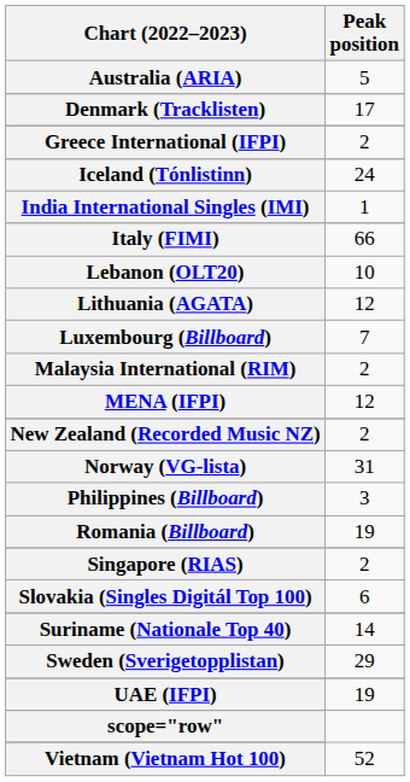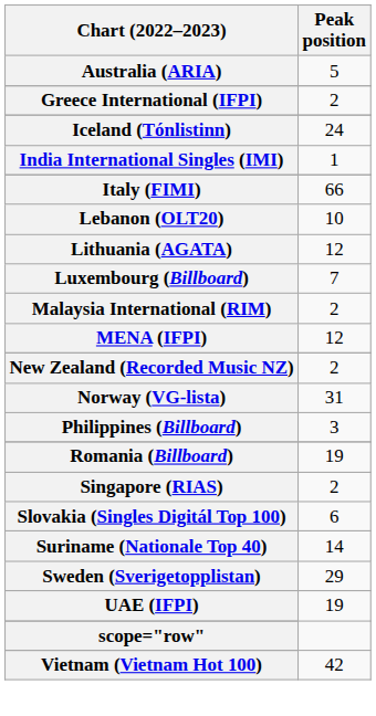 <table class="wikitable sortable plainrowheaders" style="text-align:center">
 <tr>
 <th scope="col">Chart (2022–2023)</th>
 <th scope="col">Peak<br>position</th>
 </tr>
 <tr>
 <th scope="row">Australia (<a href='#'>ARIA</a>)</th>
 <td>5</td>
 </tr>
 <tr>
 </tr>
 <tr>
 </tr>
 <tr>
 </tr>
 <tr>
-</tr>
-<tr>
-<th scope="row">Denmark (<a href='#'>Tracklisten</a>)</th>
-<td>17</td>
 </tr>
 <tr>
 </tr>
 <tr>
 </tr>
 <tr>
 </tr>
 <tr>
 <th scope="row">Greece International (<a href='#'>IFPI</a>)</th>
 <td>2</td>
 </tr>
 <tr>
 </tr>
 <tr>
 </tr>
 <tr>
 <th scope="row">Iceland (<a href='#'>Tónlistinn</a>)</th>
 <td>24</td>
 </tr>
 <tr>
 <th scope="row"><a href='#'>India International Singles</a> (<a href='#'>IMI</a>)</th>
 <td>1</td>
 </tr>
 <tr>
 </tr>
 <tr>
 <th scope="row">Italy (<a href='#'>FIMI</a>)</th>
 <td>66</td>
 </tr>
 <tr>
 <th scope="row">Lebanon (<a href='#'>OLT20</a>)</th>
 <td>10</td>
 </tr>
 <tr>
 <th scope="row">Lithuania (<a href='#'>AGATA</a>)</th>
 <td>12</td>
 </tr>
 <tr>
 <th scope="row">Luxembourg (<em><a href='#'>Billboard</a></em>)</th>
 <td>7</td>
 </tr>
 <tr>
 <th scope="row">Malaysia International (<a href='#'>RIM</a>)</th>
 <td>2</td>
 </tr>
 <tr>
 <th scope="row"><a href='#'>MENA</a> (<a href='#'>IFPI</a>)</th>
 <td>12</td>
 </tr>
 <tr>
 </tr>
 <tr>
 <th scope="row">New Zealand (<a href='#'>Recorded Music NZ</a>)</th>
 <td>2</td>
 </tr>
 <tr>
 <th scope="row">Norway (<a href='#'>VG-lista</a>)</th>
 <td>31</td>
 </tr>
 <tr>
 <th scope="row">Philippines (<em><a href='#'>Billboard</a></em>)</th>
 <td>3</td>
 </tr>
 <tr>
 </tr>
 <tr>
 </tr>
 <tr>
 <th scope="row">Romania (<em><a href='#'>Billboard</a></em>)</th>
 <td>19</td>
 </tr>
 <tr>
 </tr>
 <tr>
 <th scope="row">Singapore (<a href='#'>RIAS</a>)</th>
 <td>2</td>
 </tr>
 <tr>
 <th scope="row">Slovakia (<a href='#'>Singles Digitál Top 100</a>)</th>
 <td>6</td>
 </tr>
 <tr>
 </tr>
 <tr>
 <th scope="row">Suriname (<a href='#'>Nationale Top 40</a>)</th>
 <td>14</td>
 </tr>
 <tr>
 <th scope="row">Sweden (<a href='#'>Sverigetopplistan</a>)</th>
 <td>29</td>
 </tr>
 <tr>
 </tr>
 <tr>
 <th scope="row">UAE (<a href='#'>IFPI</a>)</th>
 <td>19</td>
 </tr>
 <tr>
 </tr>
 <tr>
 </tr>
 <tr>
 </tr>
 <tr>
 </tr>
 <tr>
 </tr>
 <tr>
 <th>scope="row"</th>
 </tr>
 <tr>
 </tr>
 <tr>
 </tr>
 <tr>
 </tr>
 <tr>
 </tr>
 <tr>
 <th scope="row">Vietnam (<a href='#'>Vietnam Hot 100</a>)</th>
-<td>52</td>
+<td>42</td>
 </tr>
 </table>
